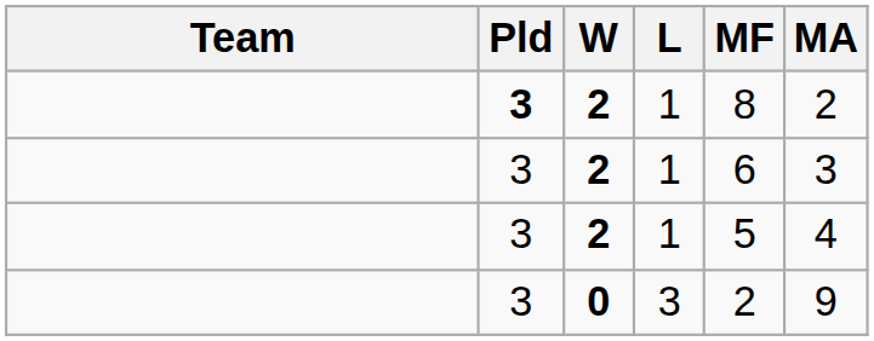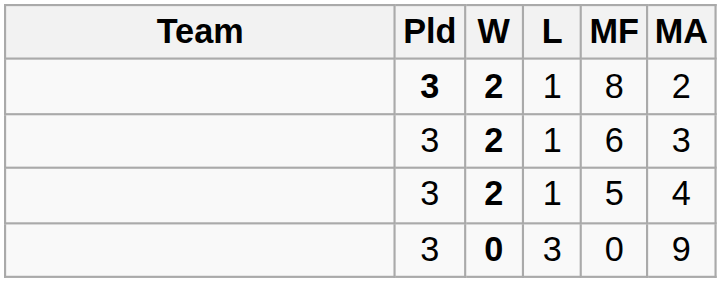 <table class=wikitable style="text-align:center">
 <tr>
 <th width=175>Team</th>
 <th width=20>Pld</th>
 <th width=20>W</th>
 <th width=20>L</th>
 <th width=20>MF</th>
 <th width=20>MA</th>
 </tr>
 <tr>
 <td style="text-align:left"></td>
 <td><strong>3</strong></td>
 <td><strong>2</strong></td>
 <td>1</td>
 <td>8</td>
 <td>2</td>
 </tr>
 <tr>
 <td style="text-align:left"></td>
 <td>3</td>
 <td><strong>2</strong></td>
 <td>1</td>
 <td>6</td>
 <td>3</td>
 </tr>
 <tr -bgcolor=ffcccc>
 <td style="text-align:left"></td>
 <td>3</td>
 <td><strong>2</strong></td>
 <td>1</td>
 <td>5</td>
 <td>4</td>
 </tr>
 <tr -bgcolor=ffcccc>
 <td style="text-align:left"></td>
 <td>3</td>
 <td><strong>0</strong></td>
 <td>3</td>
-<td>2</td>
+<td>0</td>
 <td>9</td>
 </tr>
 </table>
